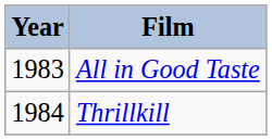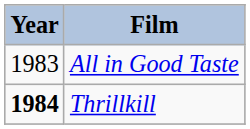 <table class="wikitable" style="font-size:95%;">
 <tr>
 <th style="background:#B0C4DE;">Year</th>
 <th style="background:#B0C4DE;">Film</th>
 </tr>
 <tr>
 <td>1983</td>
 <td><em><a href='#'>All in Good Taste</a></em></td>
 </tr>
 <tr>
-<td>1984</td>
+<td><strong>1984</strong></td>
 <td><em><a href='#'>Thrillkill</a></em></td>
 </tr>
 </table>
